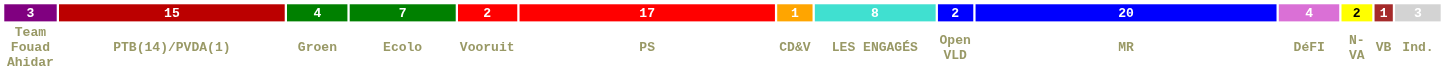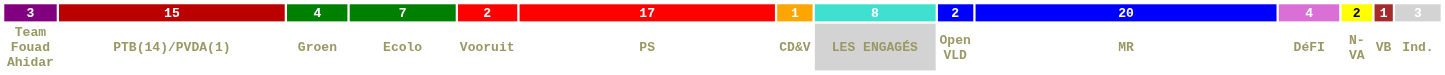 <table style="width:100%; font-size:88%; text-align:center;">
 <tr style="font-weight:bold">
 <td style="background:purple; width:3%; color:white">3</td>
 <td style="background:#BB0000; width:15%; color:white">15</td>
 <td style="background:green; width:4%; color:white">4</td>
 <td style="background:green; width:7%; color:white">7</td>
 <td style="background:red; width:2%; color:white">2</td>
 <td style="background:red; width:17%; color:white">17</td>
 <td style="background:orange; width:1%; color:white">1</td>
 <td style="background:turquoise; width:8%; color:white">8</td>
 <td style="background:blue; width:2%; color:white">2</td>
 <td style="background:blue; width:20%; color:white">20</td>
 <td style="background:orchid; width:4%; color:white">4</td>
 <td style="background:yellow; width:2%; color:black">2</td>
 <td style="background:brown; width:1%; color:white">1</td>
 <td style="background:lightgrey; width:3%; color:white">3</td>
 </tr>
 <tr style="font-weight:bold; color:#996;">
 <td>Team Fouad Ahidar</td>
 <td>PTB(14)/PVDA(1)</td>
 <td>Groen</td>
 <td>Ecolo</td>
 <td>Vooruit</td>
 <td>PS</td>
 <td>CD&V</td>
-<td>LES ENGAGÉS</td>
+<td style="background: lightgrey;">LES ENGAGÉS</td>
 <td>Open VLD</td>
 <td>MR</td>
 <td>DéFI</td>
 <td>N-VA</td>
 <td>VB</td>
 <td>Ind.</td>
 </tr>
 </table>
